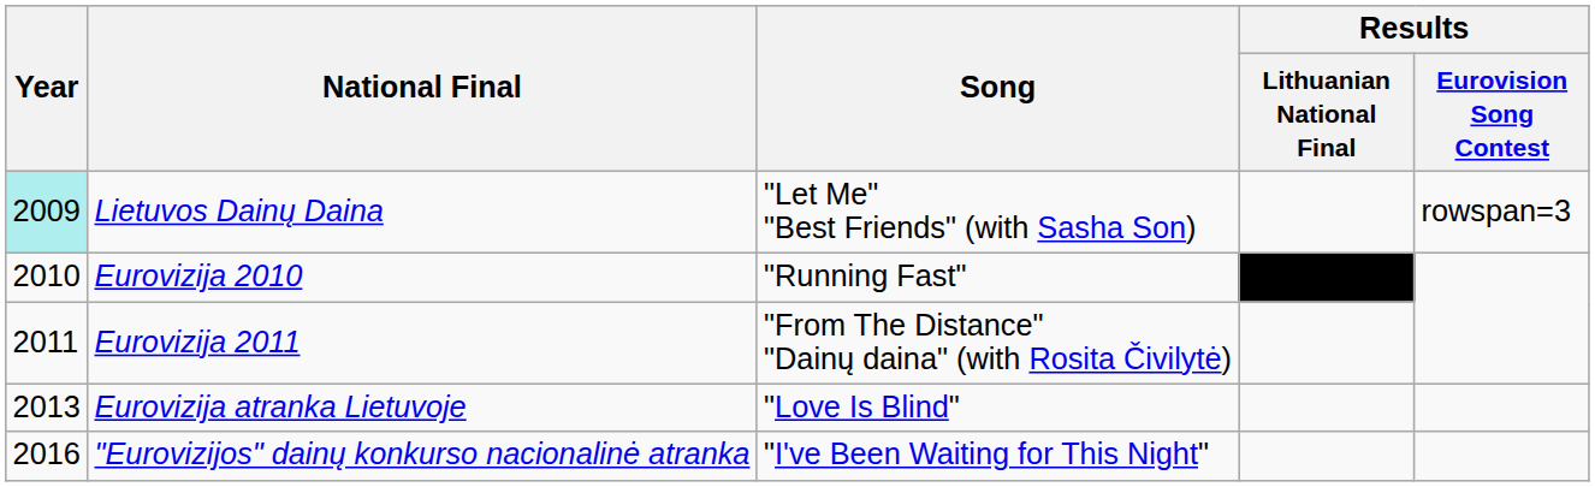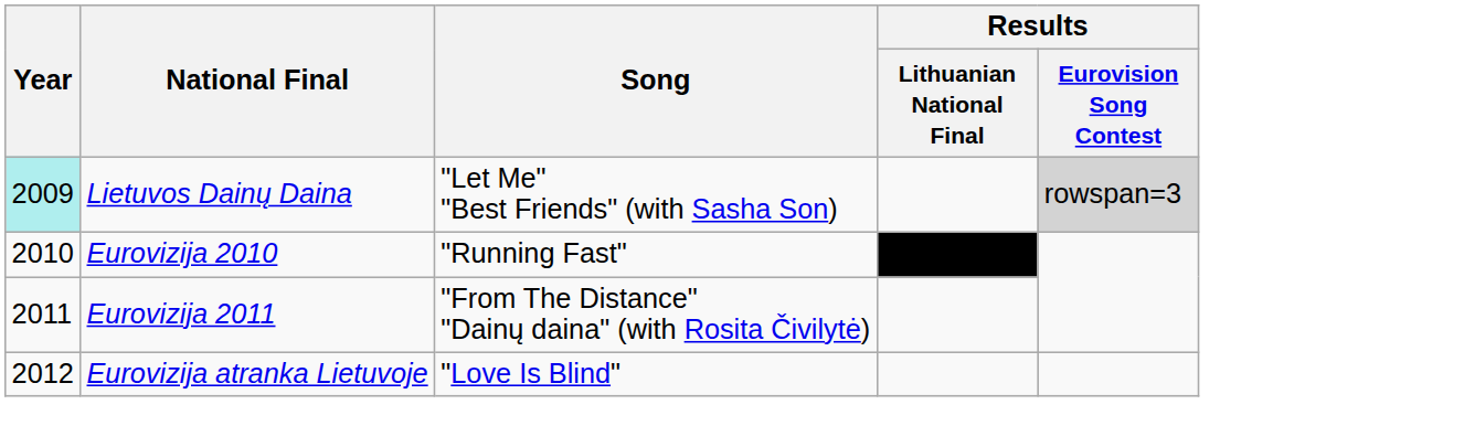 <table class="wikitable">
 <tr>
 <th rowspan="2"><strong>Year</strong></th>
 <th rowspan="2"><strong>National Final</strong></th>
 <th rowspan="2"><strong>Song</strong></th>
 <th colspan="2"><strong>Results</strong></th>
 </tr>
 <tr>
 <th width="85"><small>Lithuanian National Final</small></th>
 <th width="85"><small><a href='#'>Eurovision Song Contest</a></small></th>
 </tr>
 <tr>
 <td rowspan="1" style="background: paleturquoise;">2009</td>
 <td><em><a href='#'>Lietuvos Dainų Daina</a></em></td>
 <td>"Let Me"<br>"Best Friends" (with <a href='#'>Sasha Son</a>)</td>
 <td></td>
-<td>rowspan=3 </td>
+<td style="background: lightgrey;">rowspan=3 </td>
 </tr>
 <tr>
 <td>2010</td>
 <td><em><a href='#'>Eurovizija 2010</a></em></td>
 <td>"Running Fast"</td>
 <td bgcolor="black"></td>
 </tr>
 <tr>
 <td rowspan="1">2011</td>
 <td><em><a href='#'>Eurovizija 2011</a></em></td>
 <td>"From The Distance" <br> "Dainų daina" (with <a href='#'>Rosita Čivilytė</a>)</td>
 <td></td>
 </tr>
 <tr>
-<td>2013</td>
+<td>2012</td>
 <td><em><a href='#'>Eurovizija atranka Lietuvoje</a></em></td>
 <td>"<a href='#'>Love Is Blind</a>"</td>
 <td></td>
 <td></td>
 </tr>
-<tr>
-<td>2016</td>
-<td><em><a href='#'>"Eurovizijos" dainų konkurso nacionalinė atranka</a></em></td>
-<td>"<a href='#'>I've Been Waiting for This Night</a>"</td>
-<td></td>
-<td></td>
-</tr>
 </table>
